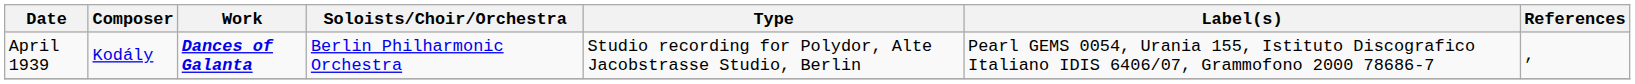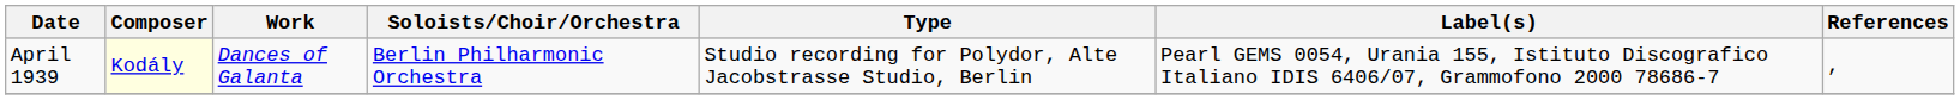 <table class="wikitable">
 <tr>
 <th>Date</th>
 <th>Composer</th>
 <th>Work</th>
 <th>Soloists/Choir/Orchestra</th>
 <th>Type</th>
 <th>Label(s)</th>
 <th>References</th>
 </tr>
 <tr>
 <td>April 1939</td>
-<td><a href='#'>Kodály</a></td>
-<td><strong><em><a href='#'>Dances of Galanta</a></em></strong></td>
+<td style="background: lightyellow;"><a href='#'>Kodály</a></td>
+<td><em><a href='#'>Dances of Galanta</a></em></td>
 <td><a href='#'>Berlin Philharmonic Orchestra</a></td>
 <td>Studio recording for Polydor, Alte Jacobstrasse Studio, Berlin</td>
 <td>Pearl GEMS 0054, Urania 155, Istituto Discografico Italiano IDIS 6406/07, Grammofono 2000 78686-7</td>
 <td>, </td>
 </tr>
 <tr>
 </tr>
 </table>
